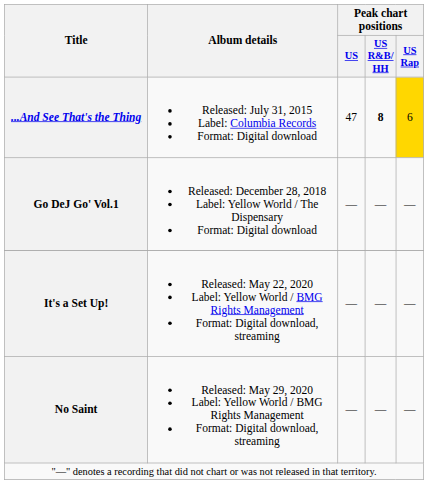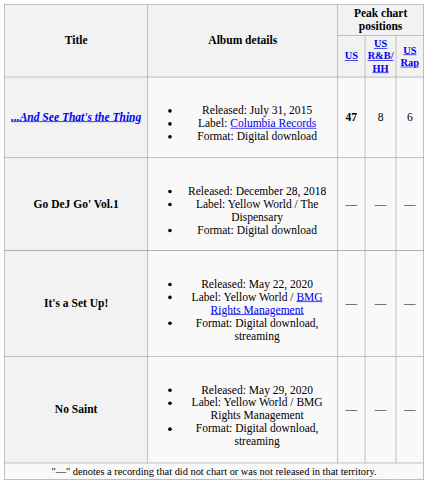 <table class="wikitable plainrowheaders" style="text-align:center;">
 <tr>
 <th scope="col" rowspan="2" style="width:12em;">Title</th>
 <th scope="col" rowspan="2" style="width:16em;">Album details</th>
 <th scope="col" colspan="3">Peak chart positions</th>
 </tr>
 <tr>
 <th scope="col" style="width:2.2em;font-size:90%;"><a href='#'>US</a><br></th>
 <th scope="col" style="width:2.2em;font-size:90%;"><a href='#'>US R&B/<br>HH</a><br></th>
 <th scope="col" style="width:2.2em;font-size:90%;"><a href='#'>US Rap</a><br></th>
 </tr>
 <tr>
 <th scope="row"><em><a href='#'>...And See That's the Thing</a></em></th>
 <td><br><ul><li>Released: July 31, 2015</li><li>Label: <a href='#'>Columbia Records</a></li><li>Format: Digital download</li></ul></td>
-<td>47</td>
-<td><strong>8</strong></td>
-<td style="background: gold;">6</td>
+<td><strong>47</strong></td>
+<td>8</td>
+<td>6</td>
 </tr>
 <tr>
 <th scope="row"><strong>Go DeJ Go' Vol.1<em></th>
 <td><br><ul><li>Released: December 28, 2018</li><li>Label: Yellow World / The Dispensary</li><li>Format: Digital download</li></ul></td>
 <td>—</td>
 <td>—</td>
 <td>—</td>
 </tr>
 <tr>
 </tr>
 <tr>
 <th scope="row"></em>It's a Set Up!<em></th>
 <td><br><ul><li>Released: May 22, 2020</li><li>Label: Yellow World / <a href='#'>BMG Rights Management</a></li><li>Format: Digital download, streaming</li></ul></td>
 <td>—</td>
 <td>—</td>
 <td>—</td>
 </tr>
 <tr>
 <th scope="row"></em>No Saint<em></th>
 <td><br><ul><li>Released: May 29, 2020</li><li>Label: Yellow World / BMG Rights Management</li><li>Format: Digital download, streaming</li></ul></td>
 <td>—</td>
 <td>—</td>
 <td>—</td>
 </tr>
 <tr>
 <td colspan="57" style="font-size:90%">"—" denotes a recording that did not chart or was not released in that territory.</td>
 </tr>
 </table>
